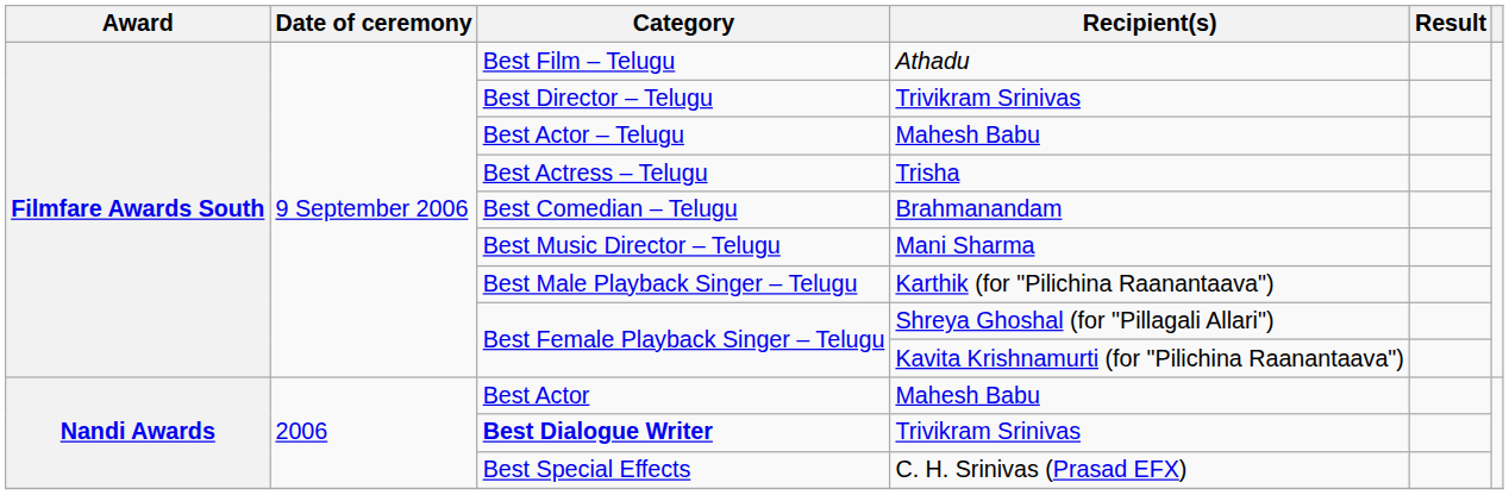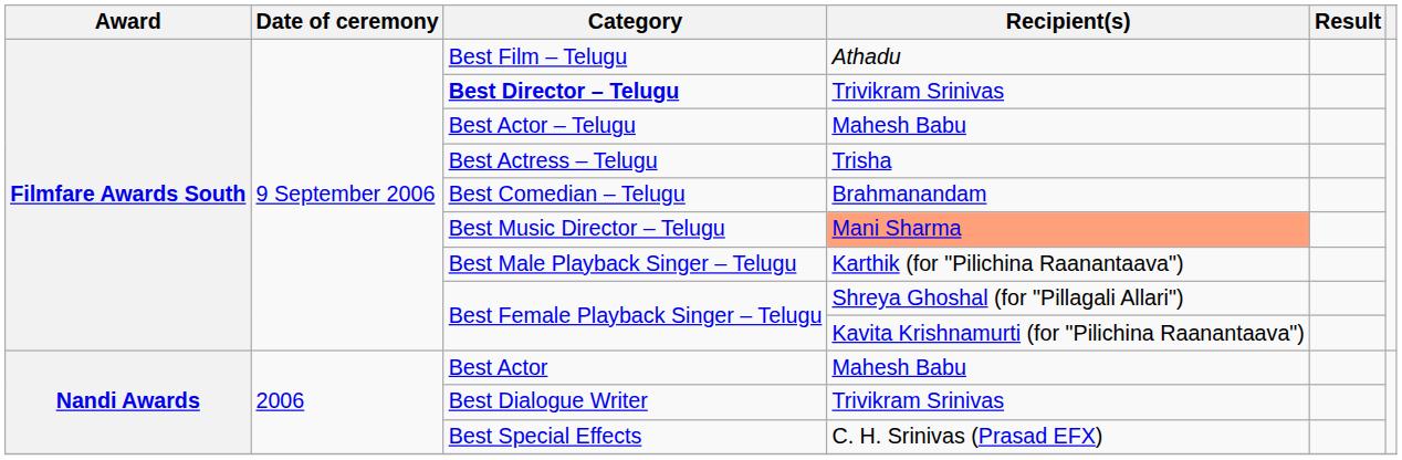 <table class="wikitable plainrowheaders sortable">
 <tr>
 <th scope="col">Award</th>
 <th scope="col">Date of ceremony</th>
 <th scope="col">Category</th>
 <th scope="col">Recipient(s)</th>
 <th scope="col" class="unsortable">Result</th>
 <th scope="col" class="unsortable"></th>
 </tr>
 <tr>
 <th scope="row" rowspan="9"><a href='#'>Filmfare Awards South</a></th>
 <td rowspan="9"><a href='#'>9 September 2006</a></td>
 <td><a href='#'>Best Film – Telugu</a></td>
 <td><em>Athadu</em></td>
 <td></td>
 <td style="text-align:center;" rowspan="9"></td>
 </tr>
 <tr>
-<td><a href='#'>Best Director – Telugu</a></td>
+<td><strong><a href='#'>Best Director – Telugu</a></strong></td>
 <td><a href='#'>Trivikram Srinivas</a></td>
 <td></td>
 </tr>
 <tr>
 <td><a href='#'>Best Actor – Telugu</a></td>
 <td><a href='#'>Mahesh Babu</a></td>
 <td></td>
 </tr>
 <tr>
 <td><a href='#'>Best Actress – Telugu</a></td>
 <td><a href='#'>Trisha</a></td>
 <td></td>
 </tr>
 <tr>
 <td><a href='#'>Best Comedian – Telugu</a></td>
 <td><a href='#'>Brahmanandam</a></td>
 <td></td>
 </tr>
 <tr>
 <td><a href='#'>Best Music Director – Telugu</a></td>
-<td><a href='#'>Mani Sharma</a></td>
+<td style="background: lightsalmon;"><a href='#'>Mani Sharma</a></td>
 <td></td>
 </tr>
 <tr>
 <td><a href='#'>Best Male Playback Singer – Telugu</a></td>
 <td><a href='#'>Karthik</a> (for "Pilichina Raanantaava")</td>
 <td></td>
 </tr>
 <tr>
 <td rowspan="2"><a href='#'>Best Female Playback Singer – Telugu</a></td>
 <td><a href='#'>Shreya Ghoshal</a> (for "Pillagali Allari")</td>
 <td></td>
 </tr>
 <tr>
 <td><a href='#'>Kavita Krishnamurti</a> (for "Pilichina Raanantaava")</td>
 <td></td>
 </tr>
 <tr>
 <th scope="row" rowspan="3"><a href='#'>Nandi Awards</a></th>
 <td rowspan="3"><a href='#'>2006</a></td>
 <td><a href='#'>Best Actor</a></td>
 <td><a href='#'>Mahesh Babu</a></td>
 <td></td>
 <td style="text-align:center;" rowspan="3"><br></td>
 </tr>
 <tr>
-<td><strong><a href='#'>Best Dialogue Writer</a></strong></td>
+<td><a href='#'>Best Dialogue Writer</a></td>
 <td><a href='#'>Trivikram Srinivas</a></td>
 <td></td>
 </tr>
 <tr>
 <td><a href='#'>Best Special Effects</a></td>
 <td>C. H. Srinivas (<a href='#'>Prasad EFX</a>)</td>
 <td></td>
 </tr>
 <tr>
 </tr>
 </table>
